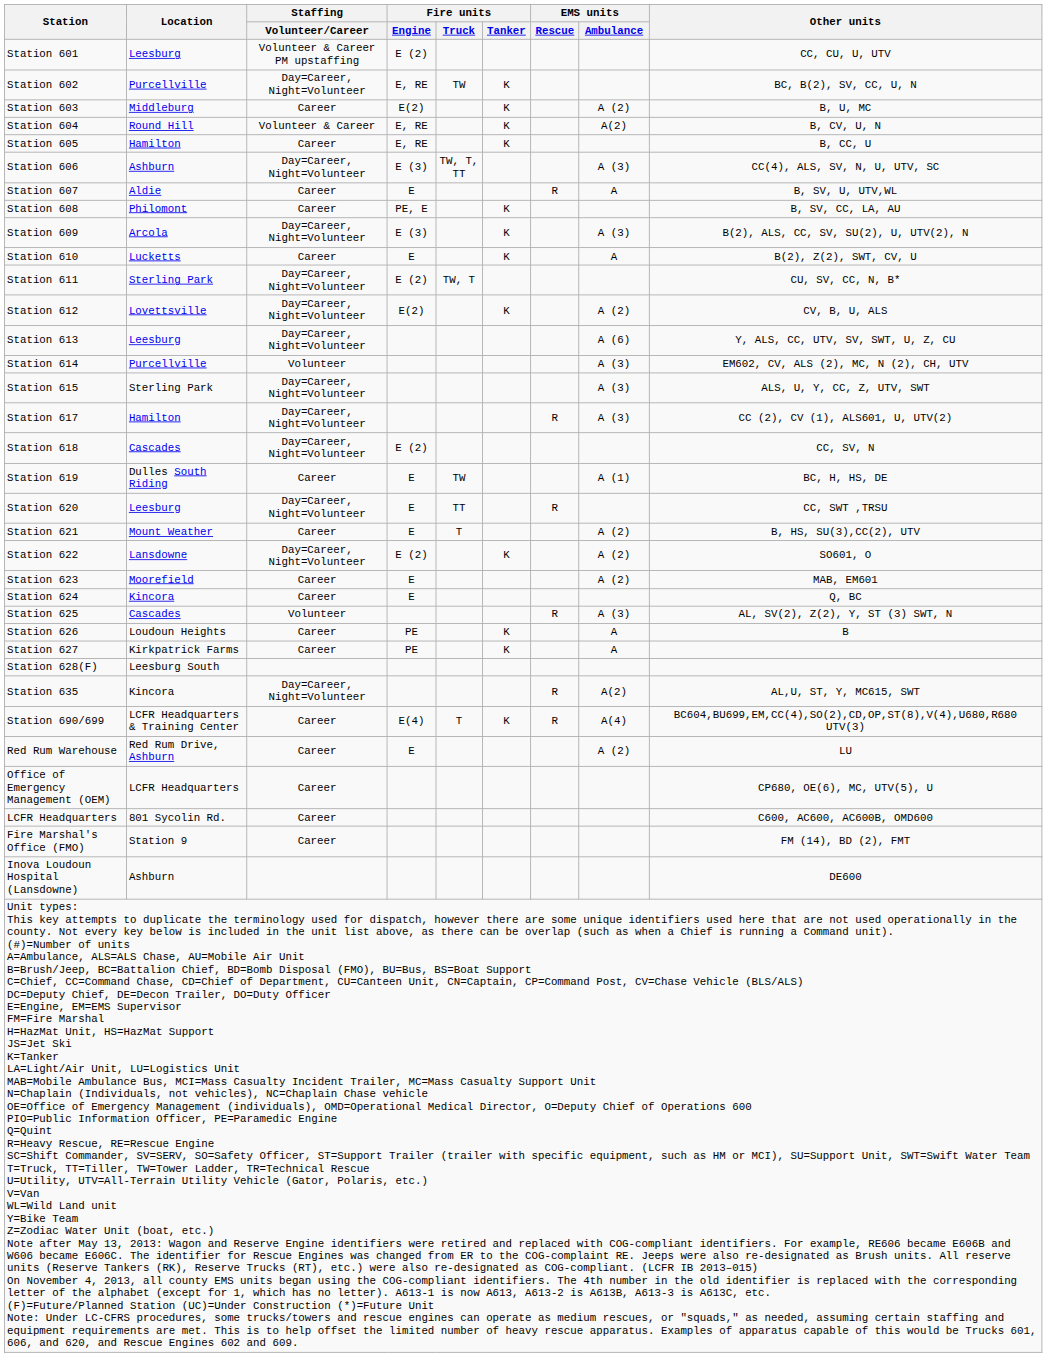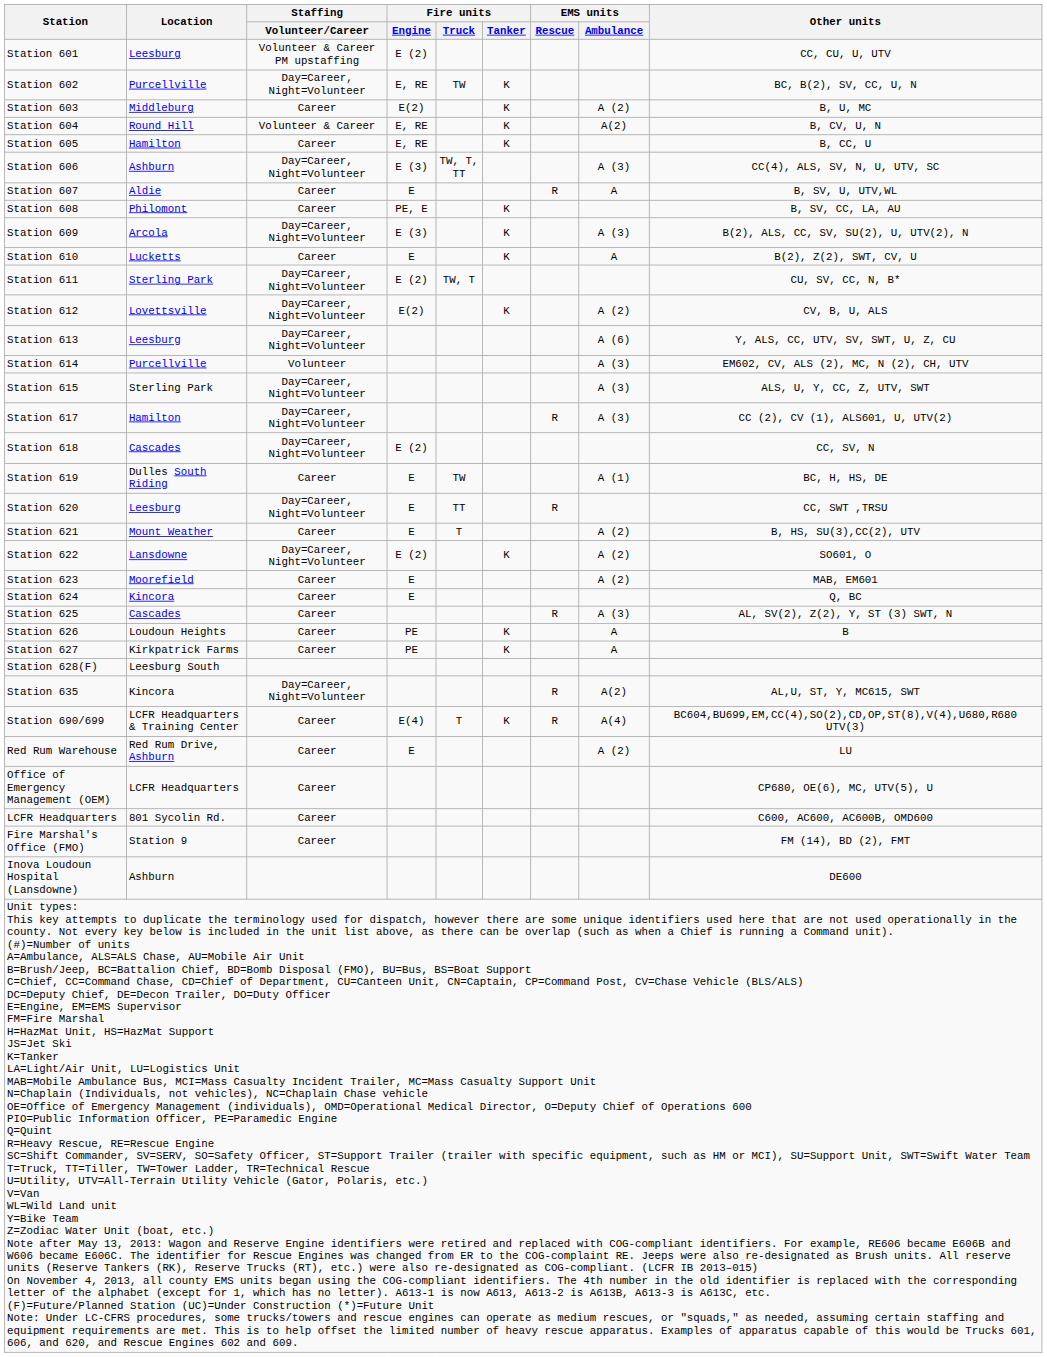 <table class="wikitable">
 <tr>
 <th rowspan="2">Station</th>
 <th rowspan="2">Location</th>
 <th>Staffing</th>
 <th colspan="3">Fire units</th>
 <th colspan="2">EMS units</th>
 <th rowspan="2">Other units</th>
 </tr>
 <tr>
 <th>Volunteer/Career</th>
 <th><a href='#'>Engine</a></th>
 <th><a href='#'>Truck</a></th>
 <th><a href='#'>Tanker</a></th>
 <th><a href='#'>Rescue</a></th>
 <th><a href='#'>Ambulance</a></th>
 </tr>
 <tr>
 <td>Station 601</td>
 <td><a href='#'>Leesburg</a></td>
 <td align=center>Volunteer & Career PM upstaffing</td>
 <td align=center>E (2)</td>
 <td align=center></td>
 <td align=center></td>
 <td align=center></td>
 <td align=center></td>
 <td align=center>CC, CU, U, UTV</td>
 </tr>
 <tr>
 <td>Station 602</td>
 <td><a href='#'>Purcellville</a></td>
 <td align=center>Day=Career, Night=Volunteer</td>
 <td align=center>E, RE</td>
 <td align=center>TW</td>
 <td align=center>K</td>
 <td align=center></td>
 <td align=center></td>
 <td align=center>BC, B(2), SV, CC, U, N</td>
 </tr>
 <tr>
 <td>Station 603</td>
 <td><a href='#'>Middleburg</a></td>
 <td align=center>Career</td>
 <td align=center>E(2)</td>
 <td align=center></td>
 <td align=center>K</td>
 <td align=center></td>
 <td align=center>A (2)</td>
 <td align=center>B, U, MC</td>
 </tr>
 <tr>
 <td>Station 604</td>
 <td><a href='#'>Round Hill</a></td>
 <td align=center>Volunteer & Career</td>
 <td align=center>E, RE</td>
 <td align=center></td>
 <td align=center>K</td>
 <td align=center></td>
 <td align=center>A(2)</td>
 <td align=center>B, CV, U, N</td>
 </tr>
 <tr>
 <td>Station 605</td>
 <td><a href='#'>Hamilton</a></td>
 <td align=center>Career</td>
 <td align=center>E, RE</td>
 <td align=center></td>
 <td align=center>K</td>
 <td align=center></td>
 <td align=center></td>
 <td align=center>B, CC, U</td>
 </tr>
 <tr>
 <td>Station 606</td>
 <td><a href='#'>Ashburn</a></td>
 <td align=center>Day=Career, Night=Volunteer</td>
 <td align=center>E (3)</td>
 <td align=center>TW, T, TT</td>
 <td align=center></td>
 <td align=center></td>
 <td align=center>A (3)</td>
 <td align=center>CC(4), ALS, SV, N, U, UTV, SC</td>
 </tr>
 <tr>
 <td>Station 607</td>
 <td><a href='#'>Aldie</a></td>
 <td align=center>Career</td>
 <td align=center>E</td>
 <td align=center></td>
 <td align=center></td>
 <td align=center>R</td>
 <td align=center>A</td>
 <td align=center>B, SV, U, UTV,WL</td>
 </tr>
 <tr>
 <td>Station 608</td>
 <td><a href='#'>Philomont</a></td>
 <td align=center>Career</td>
 <td align=center>PE, E</td>
 <td align=center></td>
 <td align=center>K</td>
 <td align=center></td>
 <td align=center></td>
 <td align=center>B, SV, CC, LA, AU</td>
 </tr>
 <tr>
 <td>Station 609</td>
 <td><a href='#'>Arcola</a></td>
 <td align=center>Day=Career, Night=Volunteer</td>
 <td align=center>E (3)</td>
 <td align=center></td>
 <td align=center>K</td>
 <td align=center></td>
 <td align=center>A (3)</td>
 <td align=center>B(2), ALS, CC, SV, SU(2), U, UTV(2), N</td>
 </tr>
 <tr>
 <td>Station 610</td>
 <td><a href='#'>Lucketts</a></td>
 <td align=center>Career</td>
 <td align=center>E</td>
 <td align=center></td>
 <td align=center>K</td>
 <td align=center></td>
 <td align=center>A</td>
 <td align=center>B(2), Z(2), SWT, CV, U</td>
 </tr>
 <tr>
 <td>Station 611</td>
 <td><a href='#'>Sterling Park</a></td>
 <td align=center>Day=Career, Night=Volunteer</td>
 <td align=center>E (2)</td>
 <td align=center>TW, T</td>
 <td align=center></td>
 <td align=center></td>
 <td align=center></td>
 <td align=center>CU, SV, CC, N, B*</td>
 </tr>
 <tr>
 <td>Station 612</td>
 <td><a href='#'>Lovettsville</a></td>
 <td align=center>Day=Career, Night=Volunteer</td>
 <td align=center>E(2)</td>
 <td align=center></td>
 <td align=center>K</td>
 <td align=center></td>
 <td align=center>A (2)</td>
 <td align=center>CV, B, U, ALS</td>
 </tr>
 <tr>
 <td>Station 613</td>
 <td><a href='#'>Leesburg</a></td>
 <td align=center>Day=Career, Night=Volunteer</td>
 <td align=center></td>
 <td align=center></td>
 <td align=center></td>
 <td align=center></td>
 <td align=center>A (6)</td>
 <td align=center>Y, ALS, CC, UTV, SV, SWT, U, Z, CU</td>
 </tr>
 <tr>
 <td>Station 614</td>
 <td><a href='#'>Purcellville</a></td>
 <td align=center>Volunteer</td>
 <td align=center></td>
 <td align=center></td>
 <td align=center></td>
 <td align=center></td>
 <td align=center>A (3)</td>
 <td align=center>EM602, CV, ALS (2), MC, N (2), CH, UTV</td>
 </tr>
 <tr>
 <td>Station 615</td>
 <td>Sterling Park</td>
 <td align=center>Day=Career, Night=Volunteer</td>
 <td align=center></td>
 <td align=center></td>
 <td align=center></td>
 <td align=center></td>
 <td align=center>A (3)</td>
 <td align=center>ALS, U, Y, CC, Z, UTV, SWT</td>
 </tr>
 <tr>
 <td>Station 617</td>
 <td><a href='#'>Hamilton</a></td>
 <td align=center>Day=Career, Night=Volunteer</td>
 <td align=center></td>
 <td align=center></td>
 <td align=center></td>
 <td align=center>R</td>
 <td align=center>A (3)</td>
 <td align=center>CC (2), CV (1), ALS601, U, UTV(2)</td>
 </tr>
 <tr>
 <td>Station 618</td>
 <td><a href='#'>Cascades</a></td>
 <td align=center>Day=Career, Night=Volunteer</td>
 <td align=center>E (2)</td>
 <td align=center></td>
 <td align=center></td>
 <td align=center></td>
 <td align=center></td>
 <td align=center>CC, SV, N</td>
 </tr>
 <tr>
 <td>Station 619</td>
 <td>Dulles <a href='#'>South Riding</a></td>
 <td align=center>Career</td>
 <td align=center>E</td>
 <td align=center>TW</td>
 <td align=center></td>
 <td align=center></td>
 <td align=center>A (1)</td>
 <td align=center>BC, H, HS, DE</td>
 </tr>
 <tr>
 <td>Station 620</td>
 <td><a href='#'>Leesburg</a></td>
 <td align=center>Day=Career, Night=Volunteer</td>
 <td align=center>E</td>
 <td align=center>TT</td>
 <td align=center></td>
 <td align=center>R</td>
 <td align=center></td>
 <td align=center>CC, SWT ,TRSU</td>
 </tr>
 <tr>
 <td>Station 621</td>
 <td><a href='#'>Mount Weather</a></td>
 <td align=center>Career</td>
 <td align=center>E</td>
 <td align=center>T</td>
 <td align=center></td>
 <td align=center></td>
 <td align=center>A (2)</td>
 <td align=center>B, HS, SU(3),CC(2), UTV</td>
 </tr>
 <tr>
 <td>Station 622</td>
 <td><a href='#'>Lansdowne</a></td>
 <td align=center>Day=Career, Night=Volunteer</td>
 <td align=center>E (2)</td>
 <td align=center></td>
 <td align=center>K</td>
 <td align=center></td>
 <td align=center>A (2)</td>
 <td align=center>SO601, O</td>
 </tr>
 <tr>
 <td>Station 623</td>
 <td><a href='#'>Moorefield</a></td>
 <td align=center>Career</td>
 <td align=center>E</td>
 <td align=center></td>
 <td align=center></td>
 <td align=center></td>
 <td align=center>A (2)</td>
 <td align=center>MAB, EM601</td>
 </tr>
 <tr>
 <td>Station 624</td>
 <td><a href='#'>Kincora</a></td>
 <td align=center>Career</td>
 <td align=center>E</td>
 <td align=center></td>
 <td align=center></td>
 <td align=center></td>
 <td align=center></td>
 <td align=center>Q, BC</td>
 </tr>
 <tr>
 <td>Station 625</td>
 <td><a href='#'>Cascades</a></td>
-<td align=center>Volunteer</td>
+<td align=center>Career</td>
 <td align=center></td>
 <td align=center></td>
 <td align=center></td>
 <td align=center>R</td>
 <td align=center>A (3)</td>
 <td align=center>AL, SV(2), Z(2), Y, ST (3) SWT, N</td>
 </tr>
 <tr>
 <td>Station 626</td>
 <td>Loudoun Heights</td>
 <td align=center>Career</td>
 <td align=center>PE</td>
 <td align=center></td>
 <td align=center>K</td>
 <td align=center></td>
 <td align=center>A</td>
 <td align=center>B</td>
 </tr>
 <tr>
 <td>Station 627</td>
 <td>Kirkpatrick Farms</td>
 <td align=center>Career</td>
 <td align=center>PE</td>
 <td align=center></td>
 <td align=center>K</td>
 <td align=center></td>
 <td align=center>A</td>
 <td align=center></td>
 </tr>
 <tr>
 <td>Station 628(F)</td>
 <td>Leesburg South</td>
 <td align=center></td>
 <td align=center></td>
 <td align=center></td>
 <td align=center></td>
 <td align=center></td>
 <td align=center></td>
 <td align=center></td>
 </tr>
 <tr>
 <td>Station 635</td>
 <td>Kincora</td>
 <td align=center>Day=Career, Night=Volunteer</td>
 <td align=center></td>
 <td align=center></td>
 <td align=center></td>
 <td align=center>R</td>
 <td align=center>A(2)</td>
 <td align=center>AL,U, ST, Y, MC615, SWT</td>
 </tr>
 <tr>
 <td>Station 690/699</td>
 <td>LCFR Headquarters & Training Center</td>
 <td align=center>Career</td>
 <td align=center>E(4)</td>
 <td align=center>T</td>
 <td align=center>K</td>
 <td align=center>R</td>
 <td align=center>A(4)</td>
 <td align=center>BC604,BU699,EM,CC(4),SO(2),CD,OP,ST(8),V(4),U680,R680 UTV(3)</td>
 </tr>
 <tr>
 <td>Red Rum Warehouse</td>
 <td>Red Rum Drive, <a href='#'>Ashburn</a></td>
 <td align=center>Career</td>
 <td align=center>E</td>
 <td align=center></td>
 <td align=center></td>
 <td align=center></td>
 <td align=center>A (2)</td>
 <td align=center>LU</td>
 </tr>
 <tr>
 <td>Office of Emergency Management (OEM)</td>
 <td>LCFR Headquarters</td>
 <td align=center>Career</td>
 <td align=center></td>
 <td align=center></td>
 <td align=center></td>
 <td align=center></td>
 <td align=center></td>
 <td align=center>CP680, OE(6), MC, UTV(5), U</td>
 </tr>
 <tr>
 <td>LCFR Headquarters</td>
 <td>801 Sycolin Rd.</td>
 <td align=center>Career</td>
 <td align=center></td>
 <td align=center></td>
 <td align=center></td>
 <td align=center></td>
 <td align=center></td>
 <td align=center>C600, AC600, AC600B, OMD600</td>
 </tr>
 <tr>
 <td>Fire Marshal's Office (FMO)</td>
 <td>Station 9</td>
 <td align=center>Career</td>
 <td align=center></td>
 <td align=center></td>
 <td align=center></td>
 <td align=center></td>
 <td align=center></td>
 <td align=center>FM (14), BD (2), FMT</td>
 </tr>
 <tr>
 <td>Inova Loudoun Hospital (Lansdowne)</td>
 <td>Ashburn</td>
 <td align=center></td>
 <td align=center></td>
 <td align=center></td>
 <td align=center></td>
 <td align=center></td>
 <td align=center></td>
 <td align=center>DE600</td>
 </tr>
 <tr>
 <td colspan="9">Unit types:<br>This key attempts to duplicate the terminology used for dispatch, however there are some unique identifiers used here that are not used operationally in the county. Not every key below is included in the unit list above, as there can be overlap (such as when a Chief is running a Command unit).<br>(#)=Number of units<br>A=Ambulance, ALS=ALS Chase, AU=Mobile Air Unit<br>B=Brush/Jeep, BC=Battalion Chief, BD=Bomb Disposal (FMO), BU=Bus, BS=Boat Support<br>C=Chief, CC=Command Chase, CD=Chief of Department, CU=Canteen Unit, CN=Captain, CP=Command Post, CV=Chase Vehicle (BLS/ALS)<br>DC=Deputy Chief, DE=Decon Trailer, DO=Duty Officer<br>E=Engine, EM=EMS Supervisor<br>FM=Fire Marshal<br>H=HazMat Unit, HS=HazMat Support<br>JS=Jet Ski<br>K=Tanker<br>LA=Light/Air Unit, LU=Logistics Unit<br>MAB=Mobile Ambulance Bus, MCI=Mass Casualty Incident Trailer, MC=Mass Casualty Support Unit<br>N=Chaplain (Individuals, not vehicles), NC=Chaplain Chase vehicle<br>OE=Office of Emergency Management (individuals), OMD=Operational Medical Director, O=Deputy Chief of Operations 600<br>PIO=Public Information Officer, PE=Paramedic Engine<br>Q=Quint<br>R=Heavy Rescue, RE=Rescue Engine<br>SC=Shift Commander, SV=SERV, SO=Safety Officer, ST=Support Trailer (trailer with specific equipment, such as HM or MCI), SU=Support Unit, SWT=Swift Water Team<br>T=Truck, TT=Tiller, TW=Tower Ladder, TR=Technical Rescue<br>U=Utility, UTV=All-Terrain Utility Vehicle (Gator, Polaris, etc.)<br>V=Van<br>WL=Wild Land unit<br>Y=Bike Team<br>Z=Zodiac Water Unit (boat, etc.)<br>Note after May 13, 2013: Wagon and Reserve Engine identifiers were retired and replaced with COG-compliant identifiers.  For example, RE606 became E606B and W606 became E606C.  The identifier for Rescue Engines was changed from ER to the COG-complaint RE.  Jeeps were also re-designated as Brush units.  All reserve units (Reserve Tankers (RK), Reserve Trucks (RT), etc.) were also re-designated as COG-compliant. (LCFR IB 2013–015)<br>On November 4, 2013, all county EMS units began using the COG-compliant identifiers.  The 4th number in the old identifier is replaced with the corresponding letter of the alphabet (except for 1, which has no letter). A613-1 is now A613, A613-2 is A613B, A613-3 is A613C, etc.<br>(F)=Future/Planned Station (UC)=Under Construction (*)=Future Unit<br>Note: Under LC-CFRS procedures, some trucks/towers and rescue engines can operate as medium rescues, or "squads," as needed, assuming certain staffing and equipment requirements are met. This is to help offset the limited number of heavy rescue apparatus. Examples of apparatus capable of this would be Trucks 601, 606, and 620, and Rescue Engines 602 and 609.</td>
 </tr>
 </table>
